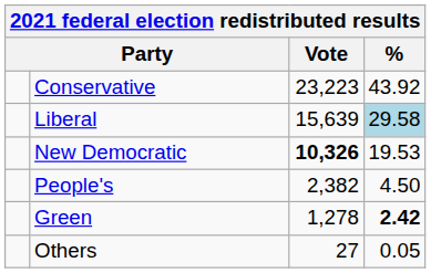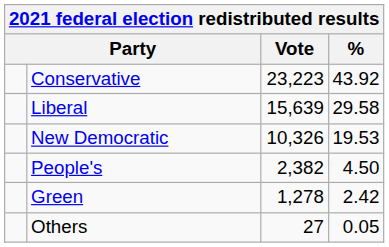 <table class="wikitable">
 <tr>
 <th colspan="4"><a href='#'>2021 federal election</a> redistributed results</th>
 </tr>
 <tr>
 <th bgcolor="#DDDDFF" width="130px" colspan="2">Party</th>
 <th bgcolor="#DDDDFF" width="50px">Vote</th>
 <th bgcolor="#DDDDFF" width="30px">%</th>
 </tr>
 <tr>
 <td> </td>
 <td><a href='#'>Conservative</a></td>
 <td align=right>23,223</td>
 <td align=right>43.92</td>
 </tr>
 <tr>
 <td> </td>
 <td><a href='#'>Liberal</a></td>
 <td align=right>15,639</td>
-<td align=right style="background: lightblue;">29.58</td>
+<td align=right>29.58</td>
 </tr>
 <tr>
 <td> </td>
 <td><a href='#'>New Democratic</a></td>
-<td align=right><strong>10,326</strong></td>
+<td align=right>10,326</td>
 <td align=right>19.53</td>
 </tr>
 <tr>
 <td> </td>
 <td><a href='#'>People's</a></td>
 <td align=right>2,382</td>
 <td align=right>4.50</td>
 </tr>
 <tr>
 <td> </td>
 <td><a href='#'>Green</a></td>
 <td align=right>1,278</td>
-<td align=right><strong>2.42</strong></td>
+<td align=right>2.42</td>
 </tr>
 <tr>
 <td> </td>
 <td>Others</td>
 <td align=right>27</td>
 <td align=right>0.05</td>
 </tr>
 </table>
